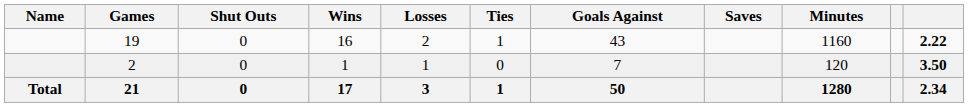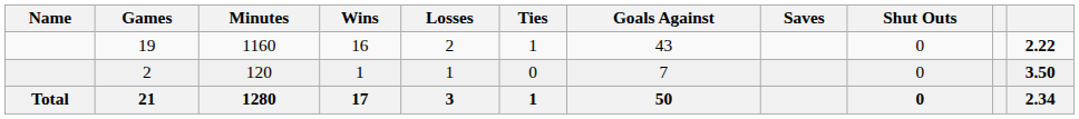 <table class="wikitable sortable" width ="1000">
 <tr align="center">
 <th><strong>Name</strong></th>
 <th><strong>Games</strong></th>
-<th><strong>Shut Outs</strong></th>
+<th><strong>Minutes</strong></th>
 <th><strong>Wins</strong></th>
 <th><strong>Losses</strong></th>
 <th><strong>Ties</strong></th>
 <th><strong>Goals Against</strong></th>
 <th><strong>Saves</strong></th>
-<th><strong>Minutes</strong></th>
+<th><strong>Shut Outs</strong></th>
 <th><strong><a href='#'></a></strong></th>
 <th><strong><a href='#'></a></strong></th>
 </tr>
 <tr align="center" bgcolor="">
 <td></td>
 <td>19</td>
-<td>0</td>
+<td>1160</td>
 <td>16</td>
 <td>2</td>
 <td>1</td>
 <td>43</td>
 <td></td>
-<td>1160</td>
+<td>0</td>
 <td></td>
 <td><strong>2.22</strong></td>
 </tr>
 <tr align="center" bgcolor="f0f0f0">
 <td></td>
 <td>2</td>
-<td>0</td>
+<td>120</td>
 <td>1</td>
 <td>1</td>
 <td>0</td>
 <td>7</td>
 <td></td>
-<td>120</td>
+<td>0</td>
 <td></td>
 <td><strong>3.50</strong></td>
 </tr>
 <tr>
 <th>Total</th>
 <th>21</th>
-<th>0</th>
+<th>1280</th>
 <th>17</th>
 <th>3</th>
 <th>1</th>
 <th>50</th>
 <th></th>
-<th>1280</th>
+<th>0</th>
 <th></th>
 <th><strong>2.34</strong></th>
 </tr>
 </table>
